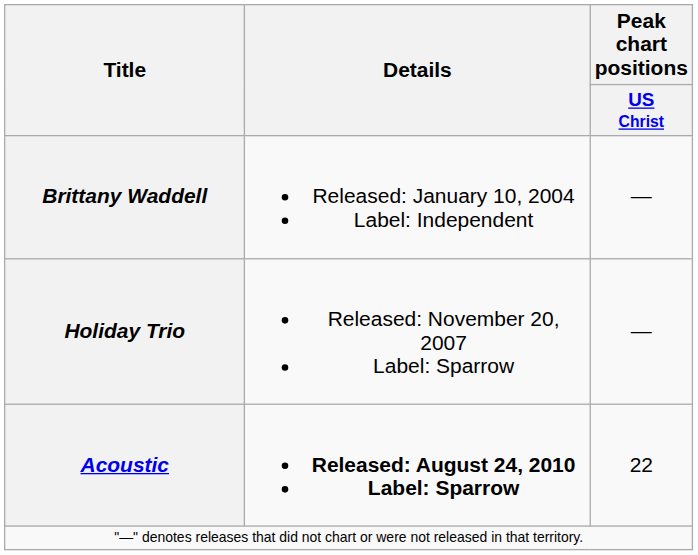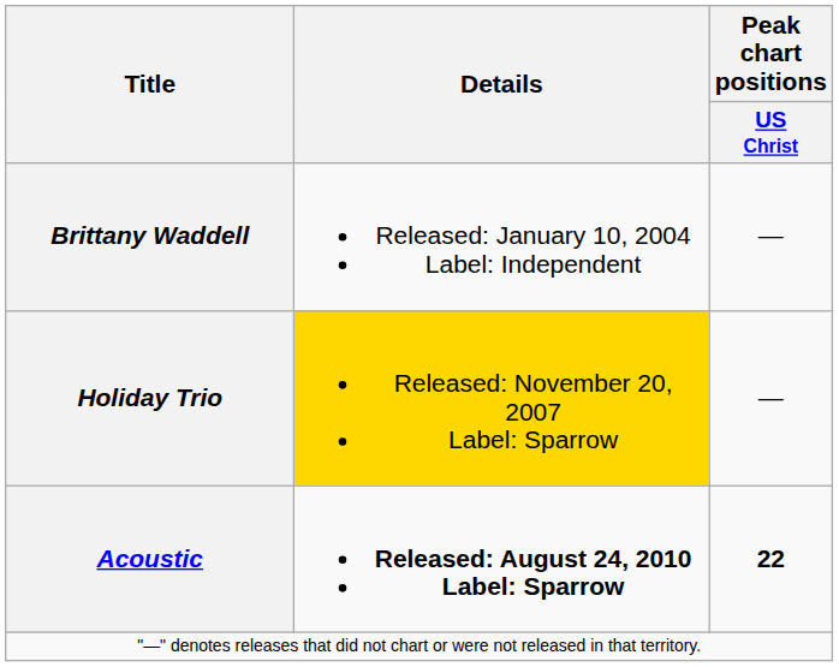 <table class="wikitable plainrowheaders" style="text-align:center;">
 <tr>
 <th scope="col" rowspan="2" style="width:11em;">Title</th>
 <th scope="col" rowspan="2" style="width:16em;">Details</th>
 <th scope="col" colspan="1">Peak chart positions</th>
 </tr>
 <tr>
 <th scope="col" style="width:3em;font-size:90%;"><a href='#'>US<br><small>Christ</small></a><br></th>
 </tr>
 <tr>
 <th scope="row"><em>Brittany Waddell</em></th>
 <td><br><ul><li>Released: January 10, 2004</li><li>Label: Independent</li></ul></td>
 <td>—</td>
 </tr>
 <tr>
 <th scope="row"><em>Holiday Trio</em></th>
-<td><br><ul><li>Released: November 20, 2007</li><li>Label: Sparrow</li></ul></td>
+<td style="background: gold;"><br><ul><li>Released: November 20, 2007</li><li>Label: Sparrow</li></ul></td>
 <td>—</td>
 </tr>
 <tr>
 <th scope="row"><em><a href='#'>Acoustic</a></em></th>
 <td><strong><br><ul><li>Released: August 24, 2010</li><li>Label: Sparrow</li></ul></strong></td>
-<td>22</td>
+<td><strong>22</strong></td>
 </tr>
 <tr>
 <td align="center" colspan="15" style="font-size:8pt">"—" denotes releases that did not chart or were not released in that territory.</td>
 </tr>
 </table>
